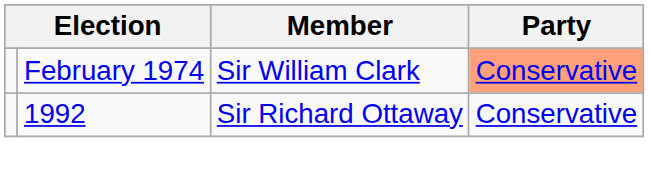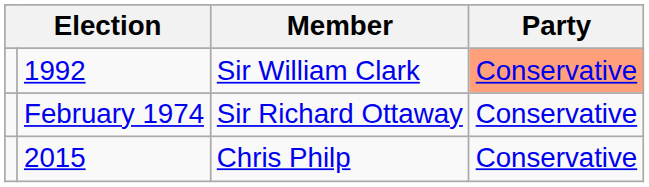 <table class="wikitable">
 <tr>
 <th colspan="2">Election</th>
 <th>Member</th>
 <th>Party</th>
 </tr>
 <tr>
 <td style="color:inherit;background-color: "></td>
-<td><a href='#'>February 1974</a></td>
+<td><a href='#'>1992</a></td>
 <td><a href='#'>Sir William Clark</a></td>
 <td style="background: lightsalmon;"><a href='#'>Conservative</a></td>
 </tr>
 <tr>
 <td style="color:inherit;background-color: "></td>
-<td><a href='#'>1992</a></td>
+<td><a href='#'>February 1974</a></td>
 <td><a href='#'>Sir Richard Ottaway</a></td>
 <td><a href='#'>Conservative</a></td>
 </tr>
+<tr>
+<td style="color:inherit;background-color: "></td>
+<td><a href='#'>2015</a></td>
+<td><a href='#'>Chris Philp</a></td>
+<td><a href='#'>Conservative</a></td>
+</tr>
 </table>
